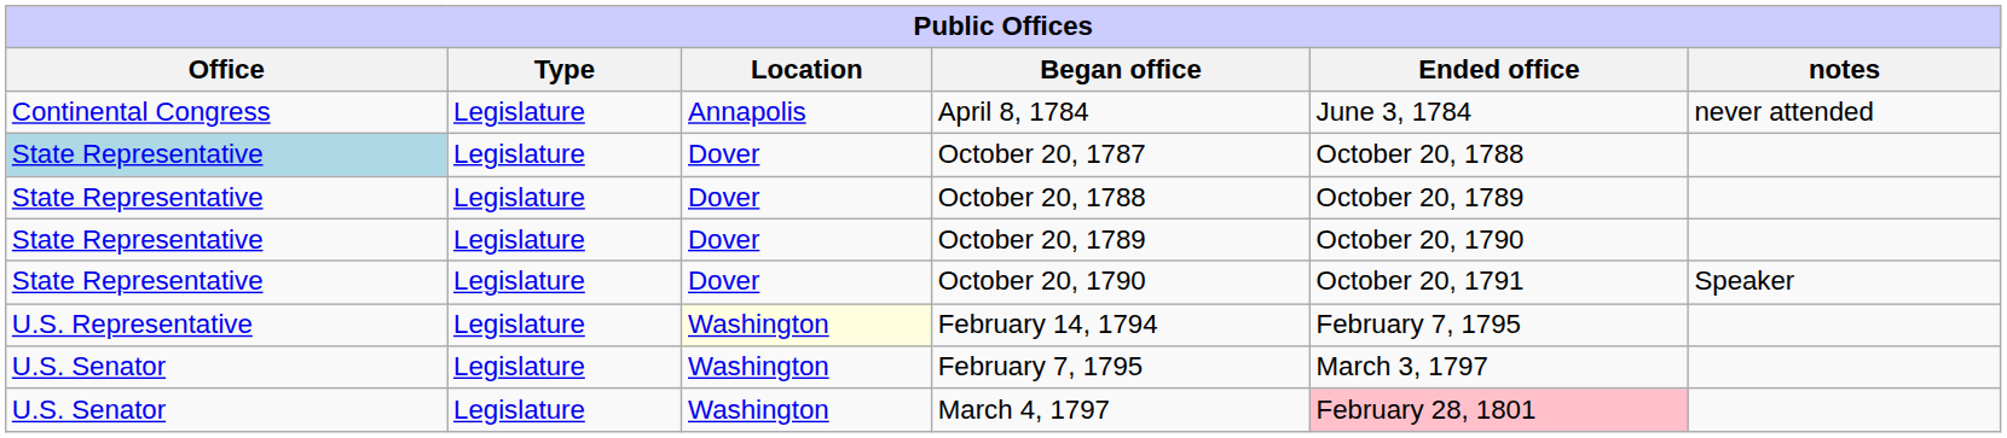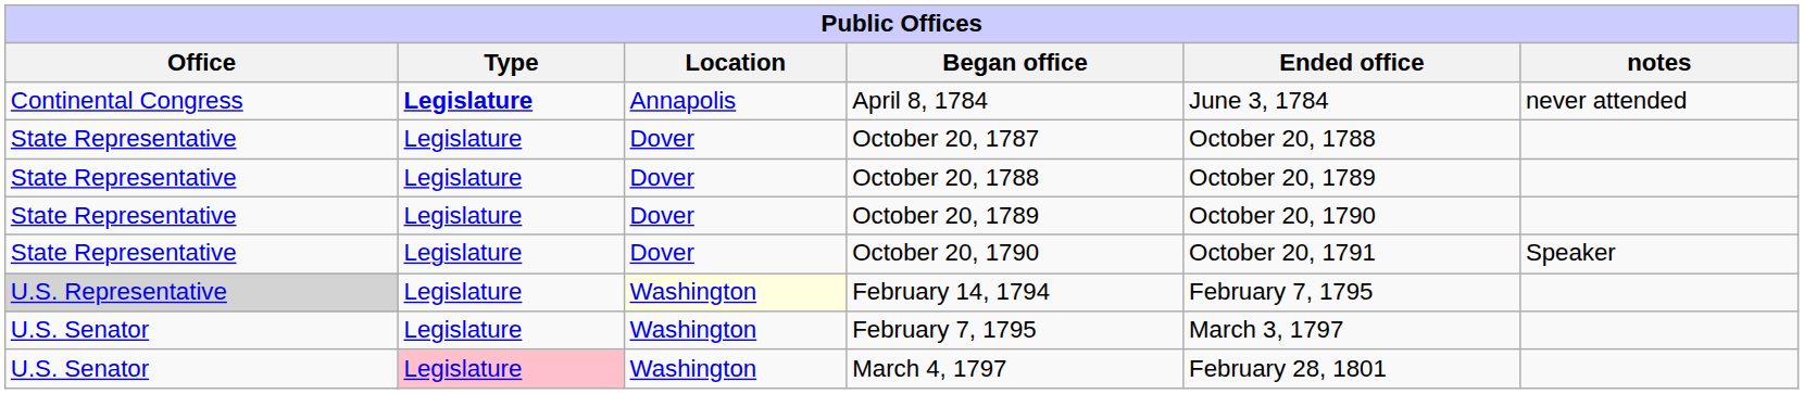 <table class=wikitable style="width: 94%" style="text-align: center;" align="center">
 <tr bgcolor=#cccccc>
 <th colspan=7 style="background: #ccccff;">Public Offices</th>
 </tr>
 <tr>
 <th><strong>Office</strong></th>
 <th><strong>Type</strong></th>
 <th><strong>Location</strong></th>
 <th><strong>Began office</strong></th>
 <th><strong>Ended office</strong></th>
 <th><strong>notes</strong></th>
 </tr>
 <tr>
 <td><a href='#'>Continental Congress</a></td>
-<td><a href='#'>Legislature</a></td>
+<td><strong><a href='#'>Legislature</a></strong></td>
 <td><a href='#'>Annapolis</a></td>
 <td>April 8, 1784</td>
 <td>June 3, 1784</td>
 <td>never attended</td>
 </tr>
 <tr>
-<td style="background: lightblue;"><a href='#'>State Representative</a></td>
+<td><a href='#'>State Representative</a></td>
 <td><a href='#'>Legislature</a></td>
 <td><a href='#'>Dover</a></td>
 <td>October 20, 1787</td>
 <td>October 20, 1788</td>
 <td></td>
 </tr>
 <tr>
 <td><a href='#'>State Representative</a></td>
 <td><a href='#'>Legislature</a></td>
 <td><a href='#'>Dover</a></td>
 <td>October 20, 1788</td>
 <td>October 20, 1789</td>
 <td></td>
 </tr>
 <tr>
 <td><a href='#'>State Representative</a></td>
 <td><a href='#'>Legislature</a></td>
 <td><a href='#'>Dover</a></td>
 <td>October 20, 1789</td>
 <td>October 20, 1790</td>
 <td></td>
 </tr>
 <tr>
 <td><a href='#'>State Representative</a></td>
 <td><a href='#'>Legislature</a></td>
 <td><a href='#'>Dover</a></td>
 <td>October 20, 1790</td>
 <td>October 20, 1791</td>
 <td>Speaker</td>
 </tr>
 <tr>
-<td><a href='#'>U.S. Representative</a></td>
+<td style="background: lightgrey;"><a href='#'>U.S. Representative</a></td>
 <td><a href='#'>Legislature</a></td>
 <td style="background: lightyellow;"><a href='#'>Washington</a></td>
 <td>February 14, 1794</td>
 <td>February 7, 1795</td>
 <td></td>
 </tr>
 <tr>
 <td><a href='#'>U.S. Senator</a></td>
 <td><a href='#'>Legislature</a></td>
 <td><a href='#'>Washington</a></td>
 <td>February 7, 1795</td>
 <td>March 3, 1797</td>
 <td></td>
 </tr>
 <tr>
 <td><a href='#'>U.S. Senator</a></td>
-<td><a href='#'>Legislature</a></td>
+<td style="background: pink;"><a href='#'>Legislature</a></td>
 <td><a href='#'>Washington</a></td>
 <td>March 4, 1797</td>
-<td style="background: pink;">February 28, 1801</td>
+<td>February 28, 1801</td>
 <td></td>
 </tr>
 </table>
